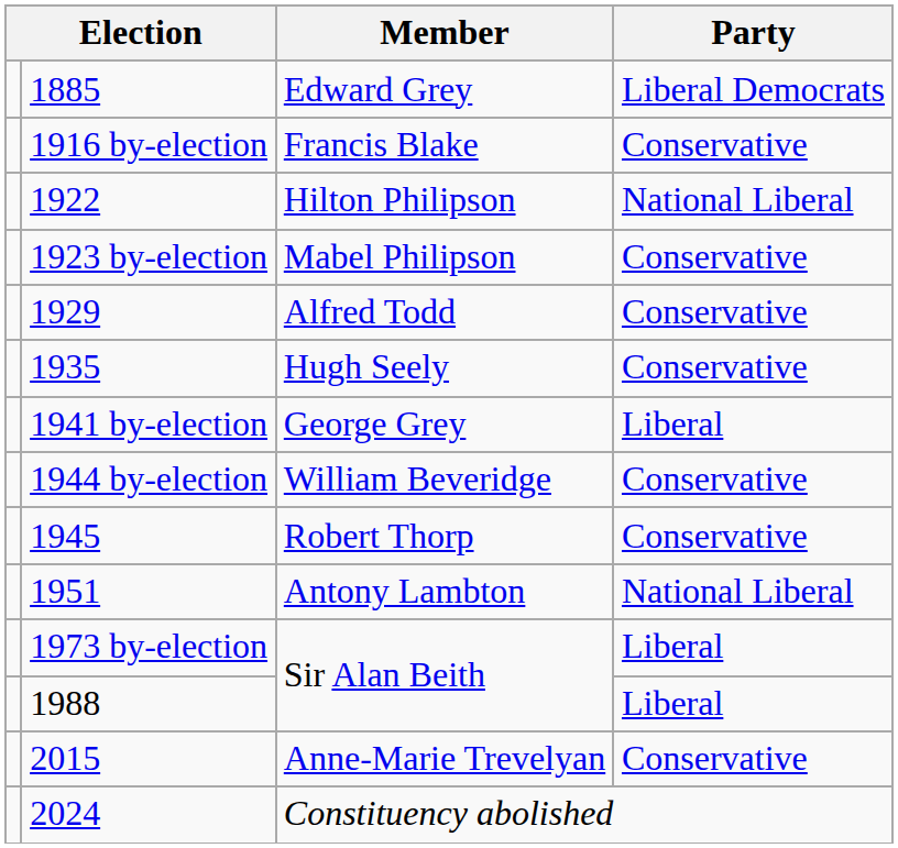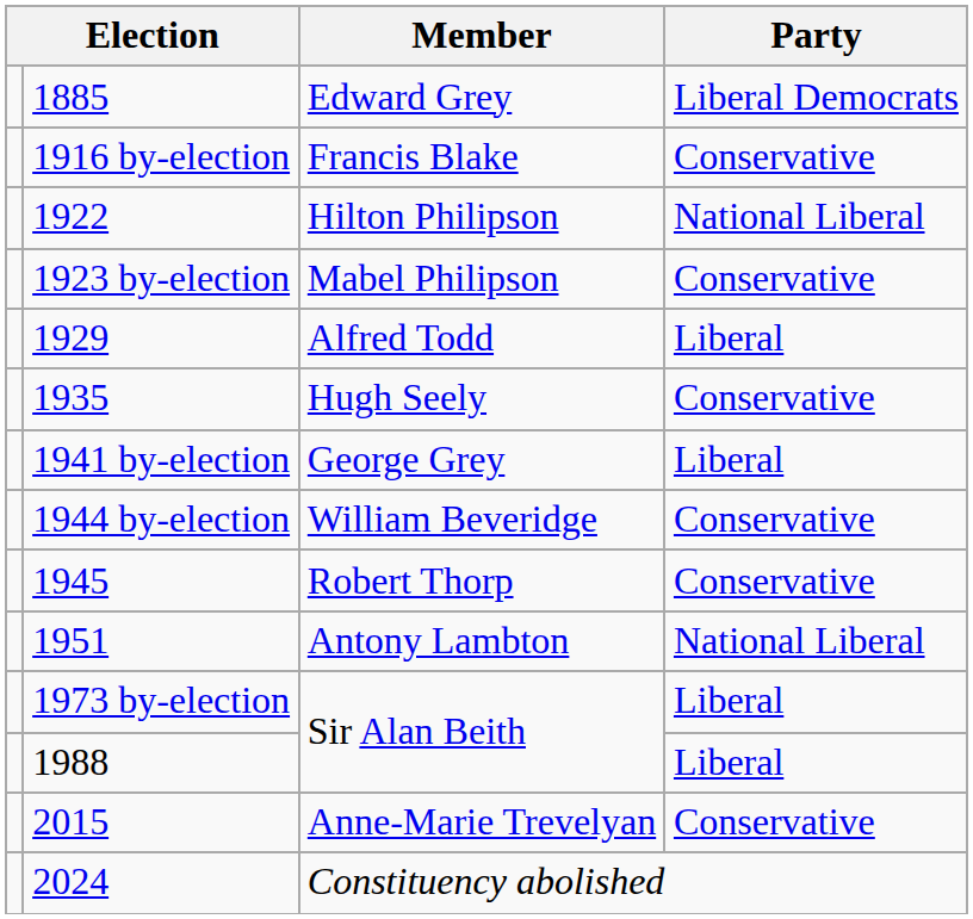 <table class="wikitable">
 <tr>
 <th colspan="2">Election</th>
 <th>Member</th>
 <th>Party</th>
 </tr>
 <tr>
 <td style="color:inherit;background-color: "></td>
 <td><a href='#'>1885</a></td>
 <td><a href='#'>Edward Grey</a></td>
 <td><a href='#'>Liberal Democrats</a></td>
 </tr>
 <tr>
 <td style="color:inherit;background-color: "></td>
 <td><a href='#'>1916 by-election</a></td>
 <td><a href='#'>Francis Blake</a></td>
 <td><a href='#'>Conservative</a></td>
 </tr>
 <tr>
 <td style="color:inherit;background-color: "></td>
 <td><a href='#'>1922</a></td>
 <td><a href='#'>Hilton Philipson</a></td>
 <td><a href='#'>National Liberal</a></td>
 </tr>
 <tr>
 <td style="color:inherit;background-color: "></td>
 <td><a href='#'>1923 by-election</a></td>
 <td><a href='#'>Mabel Philipson</a></td>
 <td><a href='#'>Conservative</a></td>
 </tr>
 <tr>
 <td style="color:inherit;background-color: "></td>
 <td><a href='#'>1929</a></td>
 <td><a href='#'>Alfred Todd</a></td>
-<td><a href='#'>Conservative</a></td>
+<td><a href='#'>Liberal</a></td>
 </tr>
 <tr>
 <td style="color:inherit;background-color: "></td>
 <td><a href='#'>1935</a></td>
 <td><a href='#'>Hugh Seely</a></td>
 <td><a href='#'>Conservative</a></td>
 </tr>
 <tr>
 <td style="color:inherit;background-color: "></td>
 <td><a href='#'>1941 by-election</a></td>
 <td><a href='#'>George Grey</a></td>
 <td><a href='#'>Liberal</a></td>
 </tr>
 <tr>
 <td style="color:inherit;background-color: "></td>
 <td><a href='#'>1944 by-election</a></td>
 <td><a href='#'>William Beveridge</a></td>
 <td><a href='#'>Conservative</a></td>
 </tr>
 <tr>
 <td style="color:inherit;background-color: "></td>
 <td><a href='#'>1945</a></td>
 <td><a href='#'>Robert Thorp</a></td>
 <td><a href='#'>Conservative</a></td>
 </tr>
 <tr>
 <td style="color:inherit;background-color: "></td>
 <td><a href='#'>1951</a></td>
 <td><a href='#'>Antony Lambton</a></td>
 <td><a href='#'>National Liberal</a></td>
 </tr>
 <tr>
 <td style="color:inherit;background-color: "></td>
 <td><a href='#'>1973 by-election</a></td>
 <td rowspan="2">Sir <a href='#'>Alan Beith</a></td>
 <td><a href='#'>Liberal</a></td>
 </tr>
 <tr>
 <td style="color:inherit;background-color: "></td>
 <td>1988</td>
 <td><a href='#'>Liberal</a></td>
 </tr>
 <tr>
 <td style="color:inherit;background-color: "></td>
 <td><a href='#'>2015</a></td>
 <td><a href='#'>Anne-Marie Trevelyan</a></td>
 <td><a href='#'>Conservative</a></td>
 </tr>
 <tr>
 <td></td>
 <td><a href='#'>2024</a></td>
 <td colspan="2"><em>Constituency abolished</em></td>
 </tr>
 </table>
